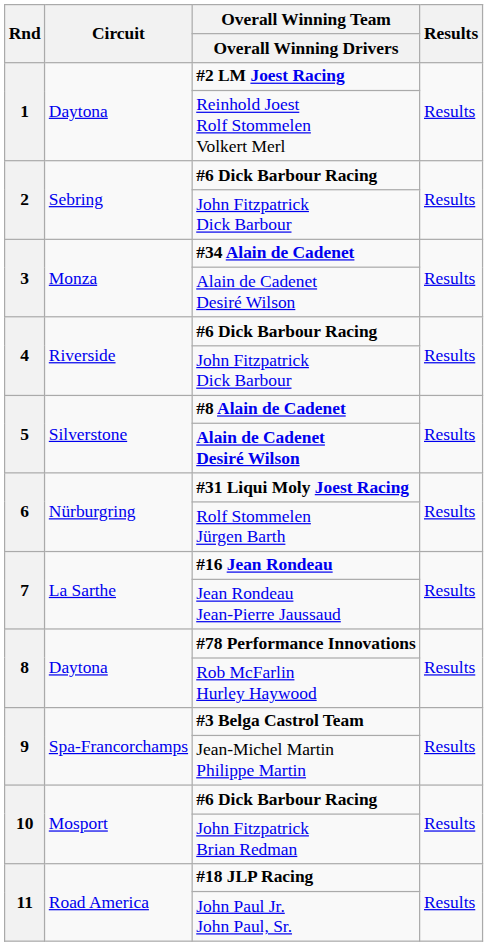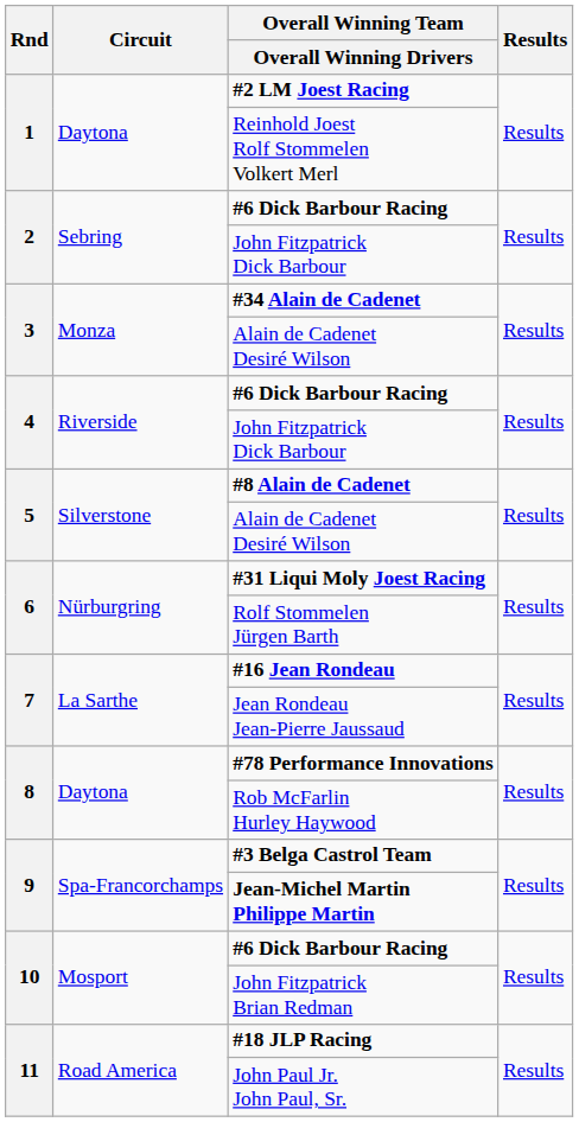 <table class="wikitable" style="font-size: 90%;">
 <tr>
 <th rowspan=2>Rnd</th>
 <th rowspan=2>Circuit</th>
 <th>Overall Winning Team</th>
 <th rowspan=2>Results</th>
 </tr>
 <tr>
 <th>Overall Winning Drivers</th>
 </tr>
 <tr>
 <th rowspan=2>1</th>
 <td rowspan=2><a href='#'>Daytona</a></td>
 <td><strong> #2 LM <a href='#'>Joest Racing</a></strong></td>
 <td rowspan=2><a href='#'>Results</a></td>
 </tr>
 <tr>
 <td> <a href='#'>Reinhold Joest</a><br> <a href='#'>Rolf Stommelen</a><br> Volkert Merl</td>
 </tr>
 <tr>
 <th rowspan=2>2</th>
 <td rowspan=2><a href='#'>Sebring</a></td>
 <td><strong> #6 Dick Barbour Racing</strong></td>
 <td rowspan=2><a href='#'>Results</a></td>
 </tr>
 <tr>
 <td> <a href='#'>John Fitzpatrick</a><br> <a href='#'>Dick Barbour</a></td>
 </tr>
 <tr>
 <th rowspan=2>3</th>
 <td rowspan=2><a href='#'>Monza</a></td>
 <td><strong> #34 <a href='#'>Alain de Cadenet</a></strong></td>
 <td rowspan=2><a href='#'>Results</a></td>
 </tr>
 <tr>
 <td> <a href='#'>Alain de Cadenet</a><br> <a href='#'>Desiré Wilson</a></td>
 </tr>
 <tr>
 <th rowspan=2>4</th>
 <td rowspan=2><a href='#'>Riverside</a></td>
 <td><strong> #6 Dick Barbour Racing</strong></td>
 <td rowspan=2><a href='#'>Results</a></td>
 </tr>
 <tr>
 <td> <a href='#'>John Fitzpatrick</a><br> <a href='#'>Dick Barbour</a></td>
 </tr>
 <tr>
 <th rowspan=2>5</th>
 <td rowspan=2><a href='#'>Silverstone</a></td>
 <td><strong> #8 <a href='#'>Alain de Cadenet</a></strong></td>
 <td rowspan=2><a href='#'>Results</a></td>
 </tr>
 <tr>
-<td><strong> <a href='#'>Alain de Cadenet</a><br> <a href='#'>Desiré Wilson</a></strong></td>
+<td> <a href='#'>Alain de Cadenet</a><br> <a href='#'>Desiré Wilson</a></td>
 </tr>
 <tr>
 <th rowspan=2>6</th>
 <td rowspan=2><a href='#'>Nürburgring</a></td>
 <td><strong> #31 Liqui Moly <a href='#'>Joest Racing</a></strong></td>
 <td rowspan=2><a href='#'>Results</a></td>
 </tr>
 <tr>
 <td> <a href='#'>Rolf Stommelen</a><br> <a href='#'>Jürgen Barth</a></td>
 </tr>
 <tr>
 <th rowspan=2>7</th>
 <td rowspan=2><a href='#'>La Sarthe</a></td>
 <td><strong> #16 <a href='#'>Jean Rondeau</a></strong></td>
 <td rowspan=2><a href='#'>Results</a></td>
 </tr>
 <tr>
 <td> <a href='#'>Jean Rondeau</a><br> <a href='#'>Jean-Pierre Jaussaud</a></td>
 </tr>
 <tr>
 <th rowspan=2>8</th>
 <td rowspan=2><a href='#'>Daytona</a></td>
 <td><strong> #78 Performance Innovations</strong></td>
 <td rowspan=2><a href='#'>Results</a></td>
 </tr>
 <tr>
 <td> <a href='#'>Rob McFarlin</a><br> <a href='#'>Hurley Haywood</a></td>
 </tr>
 <tr>
 <th rowspan=2>9</th>
 <td rowspan=2><a href='#'>Spa-Francorchamps</a></td>
 <td><strong> #3 Belga Castrol Team</strong></td>
 <td rowspan=2><a href='#'>Results</a></td>
 </tr>
 <tr>
-<td> Jean-Michel Martin<br> <a href='#'>Philippe Martin</a></td>
+<td><strong> Jean-Michel Martin<br> <a href='#'>Philippe Martin</a></strong></td>
 </tr>
 <tr>
 <th rowspan=2>10</th>
 <td rowspan=2><a href='#'>Mosport</a></td>
 <td><strong> #6 Dick Barbour Racing</strong></td>
 <td rowspan=2><a href='#'>Results</a></td>
 </tr>
 <tr>
 <td> <a href='#'>John Fitzpatrick</a><br> <a href='#'>Brian Redman</a></td>
 </tr>
 <tr>
 <th rowspan=2>11</th>
 <td rowspan=2><a href='#'>Road America</a></td>
 <td><strong> #18 JLP Racing</strong></td>
 <td rowspan=2><a href='#'>Results</a></td>
 </tr>
 <tr>
 <td> <a href='#'>John Paul Jr.</a><br> <a href='#'>John Paul, Sr.</a></td>
 </tr>
 </table>
